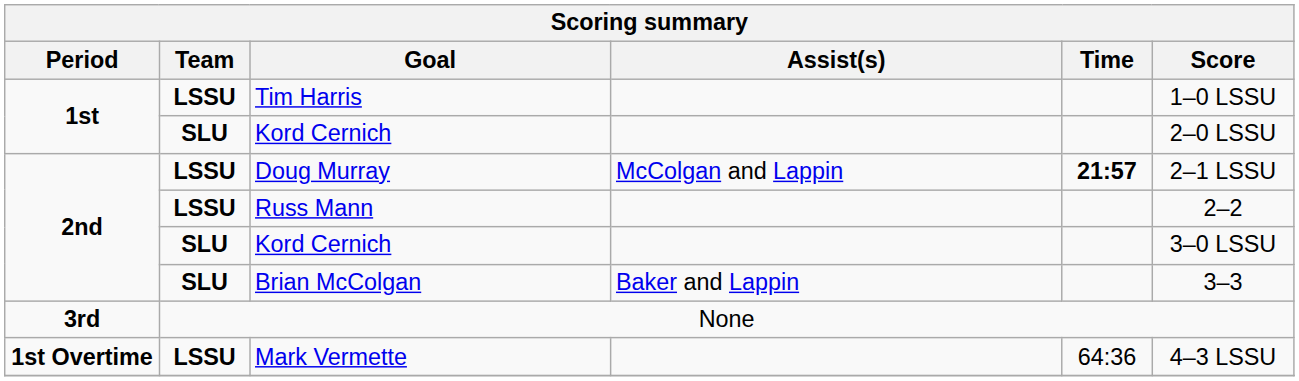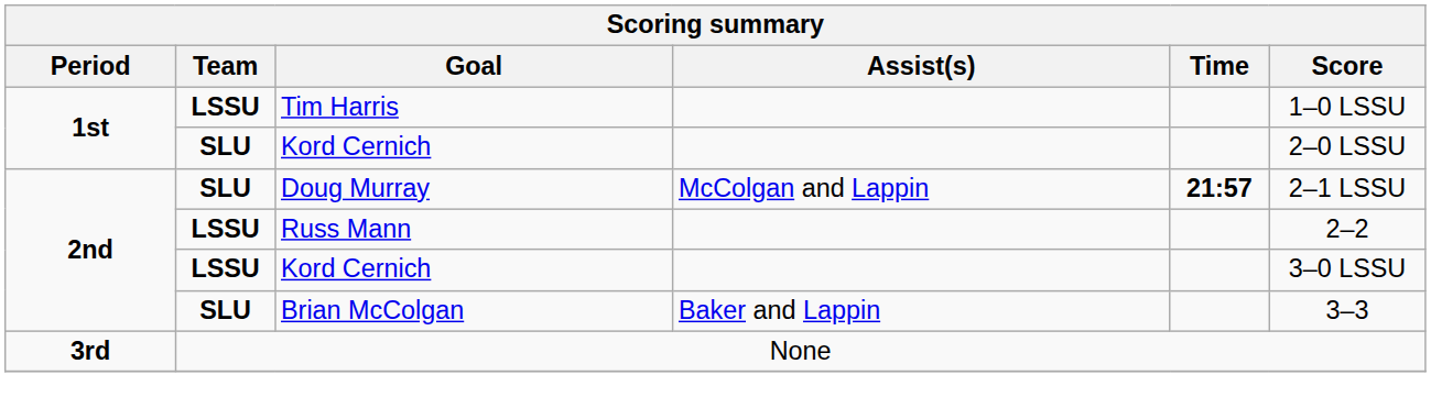 <table style="width:100%;" class="wikitable">
 <tr>
 <th colspan=6>Scoring summary</th>
 </tr>
 <tr>
 <th style="width:12%;">Period</th>
 <th style="width:7%;">Team</th>
 <th style="width:28%;">Goal</th>
 <th style="width:35%;">Assist(s)</th>
 <th style="width:7%;">Time</th>
 <th style="width:11%;">Score</th>
 </tr>
 <tr>
 <td style="text-align:center;" rowspan="2"><strong>1st</strong></td>
 <td align=center><strong>LSSU</strong></td>
 <td><a href='#'>Tim Harris</a></td>
 <td></td>
 <td align=center></td>
 <td align=center>1–0 LSSU</td>
 </tr>
 <tr>
 <td align=center><strong>SLU</strong></td>
 <td><a href='#'>Kord Cernich</a></td>
 <td></td>
 <td align=center></td>
 <td align=center>2–0 LSSU</td>
 </tr>
 <tr>
 <td style="text-align:center;" rowspan="4"><strong>2nd</strong></td>
-<td align=center><strong>LSSU</strong></td>
+<td align=center><strong>SLU</strong></td>
 <td><a href='#'>Doug Murray</a></td>
 <td><a href='#'>McColgan</a> and <a href='#'>Lappin</a></td>
 <td align=center><strong>21:57</strong></td>
 <td align=center>2–1 LSSU</td>
 </tr>
 <tr>
 <td align=center><strong>LSSU</strong></td>
 <td><a href='#'>Russ Mann</a></td>
 <td></td>
 <td align=center></td>
 <td align=center>2–2</td>
 </tr>
 <tr>
-<td align=center><strong>SLU</strong></td>
+<td align=center><strong>LSSU</strong></td>
 <td><a href='#'>Kord Cernich</a></td>
 <td></td>
 <td align=center></td>
 <td align=center>3–0 LSSU</td>
 </tr>
 <tr>
 <td align=center><strong>SLU</strong></td>
 <td><a href='#'>Brian McColgan</a></td>
 <td><a href='#'>Baker</a> and <a href='#'>Lappin</a></td>
 <td align=center></td>
 <td align=center>3–3</td>
 </tr>
 <tr>
 <td style="text-align:center;" rowspan="1"><strong>3rd</strong></td>
 <td colspan=5; align=center>None</td>
 </tr>
 <tr>
-<td style="text-align:center;" rowspan="1"><strong>1st Overtime</strong></td>
-<td align=center><strong>LSSU</strong></td>
-<td><a href='#'>Mark Vermette</a></td>
-<td></td>
-<td align=center>64:36</td>
-<td align=center>4–3 LSSU</td>
-</tr>
-<tr>
 </tr>
 </table>
